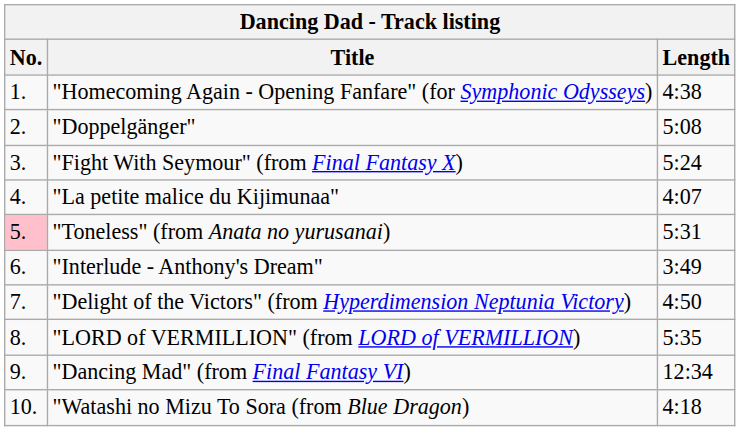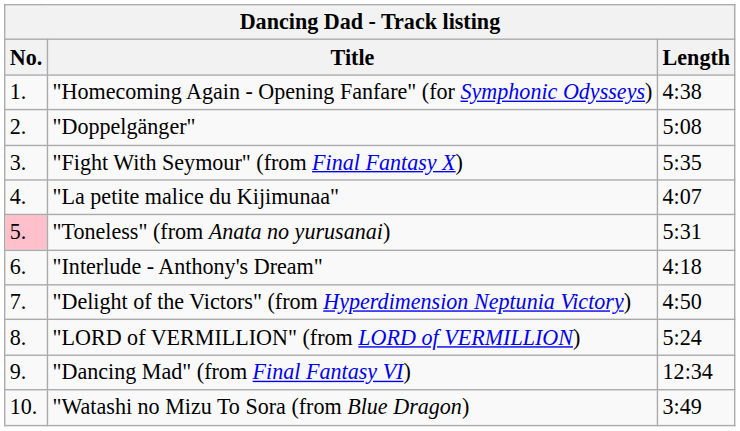 <table class="wikitable">
 <tr>
 <th colspan="3">Dancing Dad - Track listing</th>
 </tr>
 <tr>
 <th><abbr>No.</abbr></th>
 <th>Title</th>
 <th>Length</th>
 </tr>
 <tr>
 <td>1.</td>
 <td>"Homecoming Again - Opening Fanfare" (for <em><a href='#'>Symphonic Odysseys</a></em>)</td>
 <td>4:38</td>
 </tr>
 <tr>
 <td>2.</td>
 <td>"Doppelgänger"</td>
 <td>5:08</td>
 </tr>
 <tr>
 <td>3.</td>
 <td>"Fight With Seymour" (from <em><a href='#'>Final Fantasy X</a></em>)</td>
-<td>5:24</td>
+<td>5:35</td>
 </tr>
 <tr>
 <td>4.</td>
 <td>"La petite malice du Kijimunaa"</td>
 <td>4:07</td>
 </tr>
 <tr>
 <td style="background: pink;">5.</td>
 <td>"Toneless" (from <em>Anata no yurusanai</em>)</td>
 <td>5:31</td>
 </tr>
 <tr>
 <td>6.</td>
 <td>"Interlude - Anthony's Dream"</td>
-<td>3:49</td>
+<td>4:18</td>
 </tr>
 <tr>
 <td>7.</td>
 <td>"Delight of the Victors" (from <em><a href='#'>Hyperdimension Neptunia Victory</a></em>)</td>
 <td>4:50</td>
 </tr>
 <tr>
 <td>8.</td>
 <td>"LORD of VERMILLION" (from <em><a href='#'>LORD of VERMILLION</a></em>)</td>
-<td>5:35</td>
+<td>5:24</td>
 </tr>
 <tr>
 <td>9.</td>
 <td>"Dancing Mad" (from <em><a href='#'>Final Fantasy VI</a></em>)</td>
 <td>12:34</td>
 </tr>
 <tr>
 <td>10.</td>
 <td>"Watashi no Mizu To Sora (from <em>Blue Dragon</em>)</td>
-<td>4:18</td>
+<td>3:49</td>
 </tr>
 </table>
